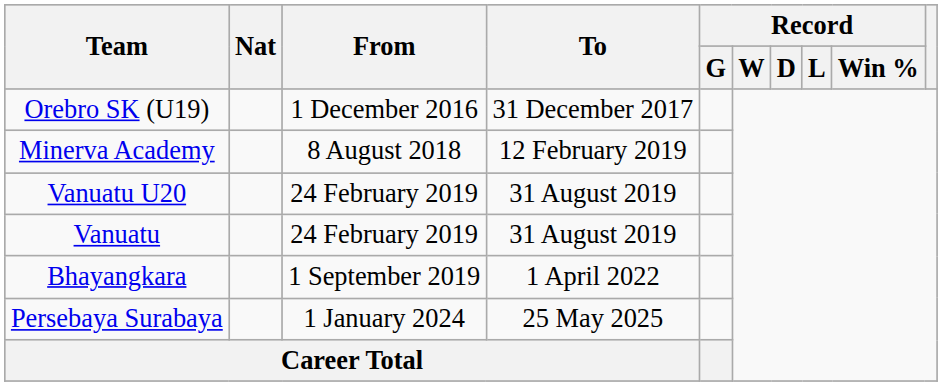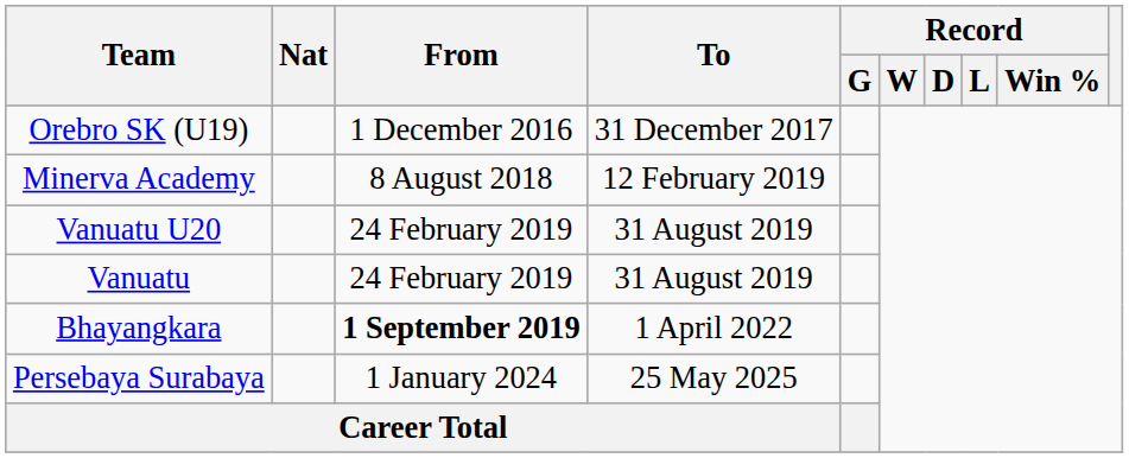 <table class="wikitable" tyle="text-align: center">
 <tr>
 <th rowspan="2">Team</th>
 <th rowspan="2">Nat</th>
 <th rowspan="2">From</th>
 <th rowspan="2">To</th>
 <th colspan="5">Record</th>
 <th rowspan="2"></th>
 </tr>
 <tr>
 <th>G</th>
 <th>W</th>
 <th>D</th>
 <th>L</th>
 <th>Win %</th>
 </tr>
 <tr>
 <td align="center"><a href='#'>Orebro SK</a> (U19)</td>
 <td></td>
 <td align="center">1 December 2016</td>
 <td align="center">31 December 2017<br></td>
 <td></td>
 </tr>
 <tr>
 <td align="center"><a href='#'>Minerva Academy</a></td>
 <td></td>
 <td align="center">8 August 2018</td>
 <td align="center">12 February 2019<br></td>
 <td></td>
 </tr>
 <tr>
 <td align="center"><a href='#'>Vanuatu U20</a></td>
 <td></td>
 <td align="center">24 February 2019</td>
 <td align="center">31 August 2019<br></td>
 <td></td>
 </tr>
 <tr>
 <td align="center"><a href='#'>Vanuatu</a></td>
 <td></td>
 <td align="center">24 February 2019</td>
 <td align="center">31 August 2019<br></td>
 <td></td>
 </tr>
 <tr>
 <td align="center"><a href='#'>Bhayangkara</a></td>
 <td></td>
-<td align="center">1 September 2019</td>
+<td align="center"><strong>1 September 2019</strong></td>
 <td align="center">1 April 2022<br></td>
 <td></td>
 </tr>
 <tr>
 <td align="center"><a href='#'>Persebaya Surabaya</a></td>
 <td></td>
 <td align="center">1 January 2024</td>
 <td align="center">25 May 2025<br></td>
 <td></td>
 </tr>
 <tr>
 <th colspan="4">Career Total<br></th>
 <th></th>
 </tr>
 </table>
